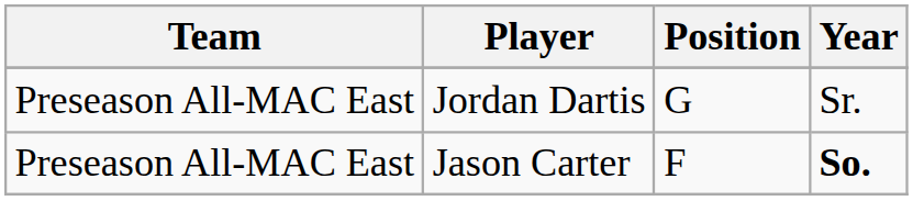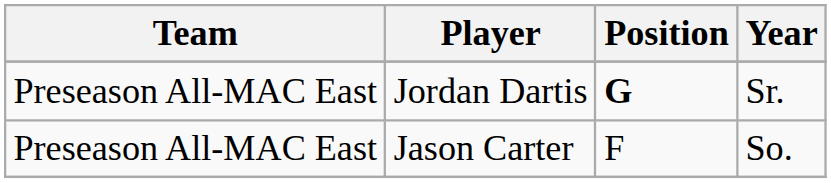 <table class="wikitable" border="1">
 <tr align=center>
 <th style= >Team</th>
 <th style= >Player</th>
 <th style= >Position</th>
 <th style= >Year</th>
 </tr>
 <tr align="center">
 </tr>
 <tr>
 <td>Preseason All-MAC East</td>
 <td>Jordan Dartis</td>
-<td>G</td>
+<td><strong>G</strong></td>
 <td>Sr.</td>
 </tr>
 <tr>
 <td>Preseason All-MAC East</td>
 <td>Jason Carter</td>
 <td>F</td>
-<td><strong>So.</strong></td>
+<td>So.</td>
 </tr>
 <tr>
 </tr>
 </table>
